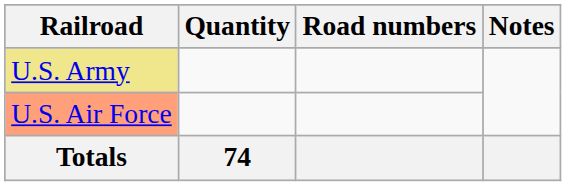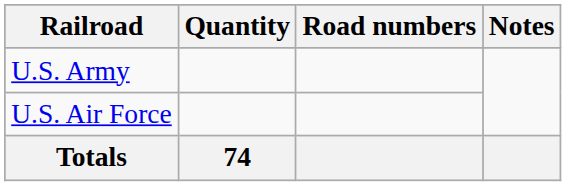 <table class="wikitable">
 <tr>
 <th>Railroad</th>
 <th>Quantity</th>
 <th>Road numbers</th>
 <th>Notes</th>
 </tr>
 <tr>
-<td style="background: khaki;"><a href='#'>U.S. Army</a></td>
+<td><a href='#'>U.S. Army</a></td>
 <td></td>
 <td></td>
 </tr>
 <tr>
-<td style="background: lightsalmon;"><a href='#'>U.S. Air Force</a></td>
+<td><a href='#'>U.S. Air Force</a></td>
 <td></td>
 <td></td>
 </tr>
 <tr>
 <th>Totals</th>
 <th>74</th>
 <th></th>
 <th></th>
 </tr>
 </table>
